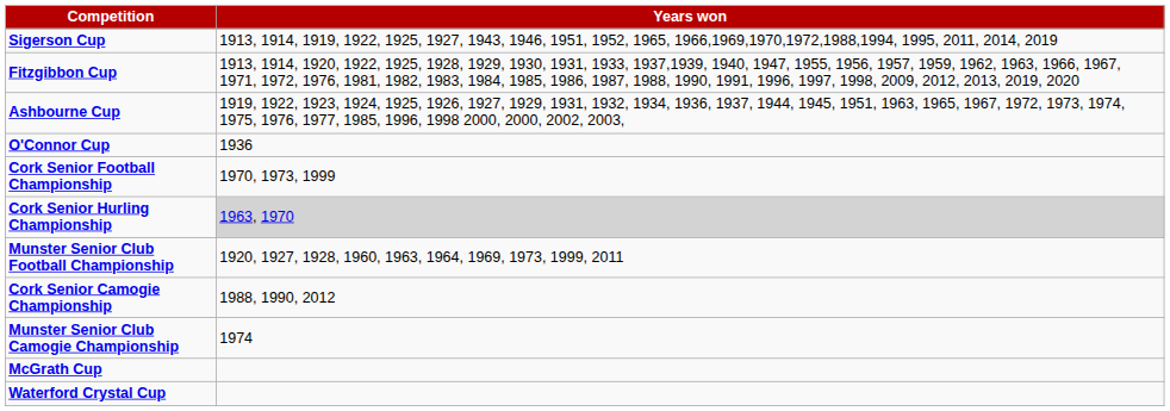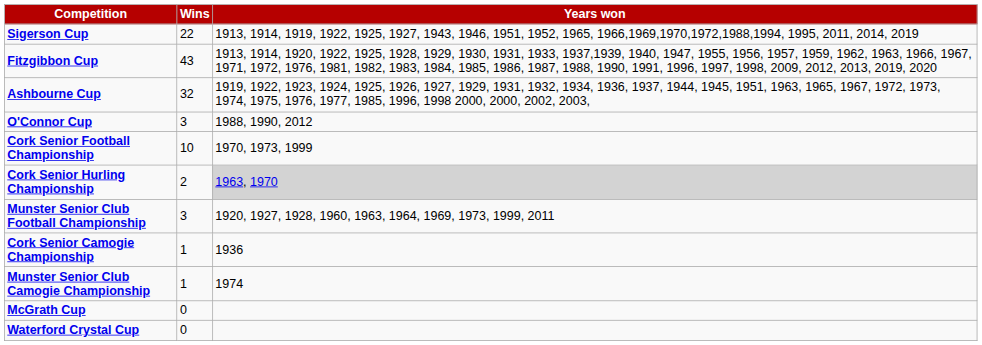 <table class="wikitable" border="1">
 <tr>
 <th style="background:#B60000;color:white">Competition</th>
+<th style="background:#B60000;color:white">Wins</th>
 <th style="background:#B60000;color:white">Years won</th>
 </tr>
 <tr>
 <td><strong><a href='#'>Sigerson Cup</a></strong></td>
+<td>22</td>
 <td>1913, 1914, 1919, 1922, 1925, 1927, 1943, 1946, 1951, 1952, 1965, 1966,1969,1970,1972,1988,1994, 1995, 2011, 2014, 2019</td>
 </tr>
 <tr>
 <td><strong><a href='#'>Fitzgibbon Cup</a></strong></td>
+<td>43</td>
 <td>1913, 1914, 1920, 1922, 1925, 1928, 1929, 1930, 1931, 1933, 1937,1939, 1940, 1947, 1955, 1956, 1957, 1959, 1962, 1963, 1966, 1967, 1971, 1972, 1976, 1981, 1982, 1983, 1984, 1985, 1986, 1987, 1988, 1990, 1991, 1996, 1997, 1998, 2009, 2012, 2013, 2019, 2020</td>
 </tr>
 <tr>
 <td><strong><a href='#'>Ashbourne Cup</a></strong></td>
+<td>32</td>
 <td>1919, 1922, 1923, 1924, 1925, 1926, 1927, 1929, 1931, 1932, 1934, 1936, 1937, 1944, 1945, 1951, 1963, 1965, 1967, 1972, 1973, 1974, 1975, 1976, 1977, 1985, 1996, 1998 2000, 2000, 2002,  2003,</td>
 </tr>
 <tr>
 <td><strong><a href='#'>O'Connor Cup</a></strong></td>
-<td>1936</td>
+<td>3</td>
+<td>1988, 1990, 2012 </td>
 </tr>
 <tr Winning Captains>
 <td><strong><a href='#'>Cork Senior Football Championship</a></strong></td>
+<td>10</td>
 <td>1970, 1973, 1999</td>
 </tr>
 <tr>
 <td><strong><a href='#'>Cork Senior Hurling Championship</a></strong></td>
+<td>2</td>
 <td style="background: lightgrey;"><a href='#'>1963</a>, <a href='#'>1970</a></td>
 </tr>
 <tr>
 <td><strong><a href='#'>Munster Senior Club Football Championship</a></strong></td>
+<td>3</td>
 <td>1920, 1927, 1928, 1960, 1963, 1964, 1969, 1973, 1999, 2011</td>
 </tr>
 <tr>
 <td><strong><a href='#'>Cork Senior Camogie Championship</a></strong></td>
-<td>1988, 1990, 2012 </td>
+<td>1</td>
+<td>1936</td>
 </tr>
 <tr>
 <td><strong><a href='#'>Munster Senior Club Camogie Championship</a></strong></td>
+<td>1</td>
 <td>1974</td>
 </tr>
 <tr>
 <td><strong><a href='#'>McGrath Cup</a></strong></td>
+<td>0</td>
 <td></td>
 </tr>
 <tr>
 <td><strong><a href='#'>Waterford Crystal Cup</a></strong></td>
+<td>0</td>
 <td></td>
 </tr>
 </table>
